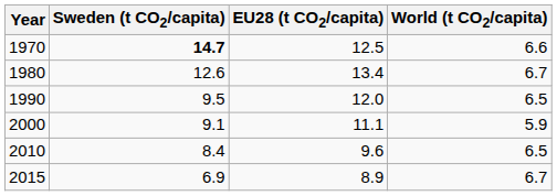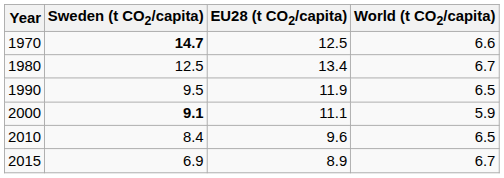 <table class="wikitable">
 <tr>
 <th style="text-align:right;">Year</th>
 <th>Sweden (t CO<sub>2</sub>/capita)</th>
 <th>EU28 (t CO<sub>2</sub>/capita)</th>
 <th>World (t CO<sub>2</sub>/capita)</th>
 </tr>
 <tr style="text-align:right; |">
 <td>1970</td>
 <td><strong>14.7</strong></td>
 <td>12.5</td>
 <td>6.6</td>
 </tr>
 <tr style="text-align:right; |">
 <td>1980</td>
-<td>12.6</td>
+<td>12.5</td>
 <td>13.4</td>
 <td>6.7</td>
 </tr>
 <tr style="text-align:right; |">
 <td>1990</td>
 <td>9.5</td>
-<td>12.0</td>
+<td>11.9</td>
 <td>6.5</td>
 </tr>
 <tr style="text-align:right; |">
 <td>2000</td>
-<td>9.1</td>
+<td><strong>9.1</strong></td>
 <td>11.1</td>
 <td>5.9</td>
 </tr>
 <tr style="text-align:right; |">
 <td>2010</td>
 <td>8.4</td>
 <td>9.6</td>
 <td>6.5</td>
 </tr>
 <tr style="text-align:right; |">
 <td>2015</td>
 <td>6.9</td>
 <td>8.9</td>
 <td>6.7</td>
 </tr>
 </table>
